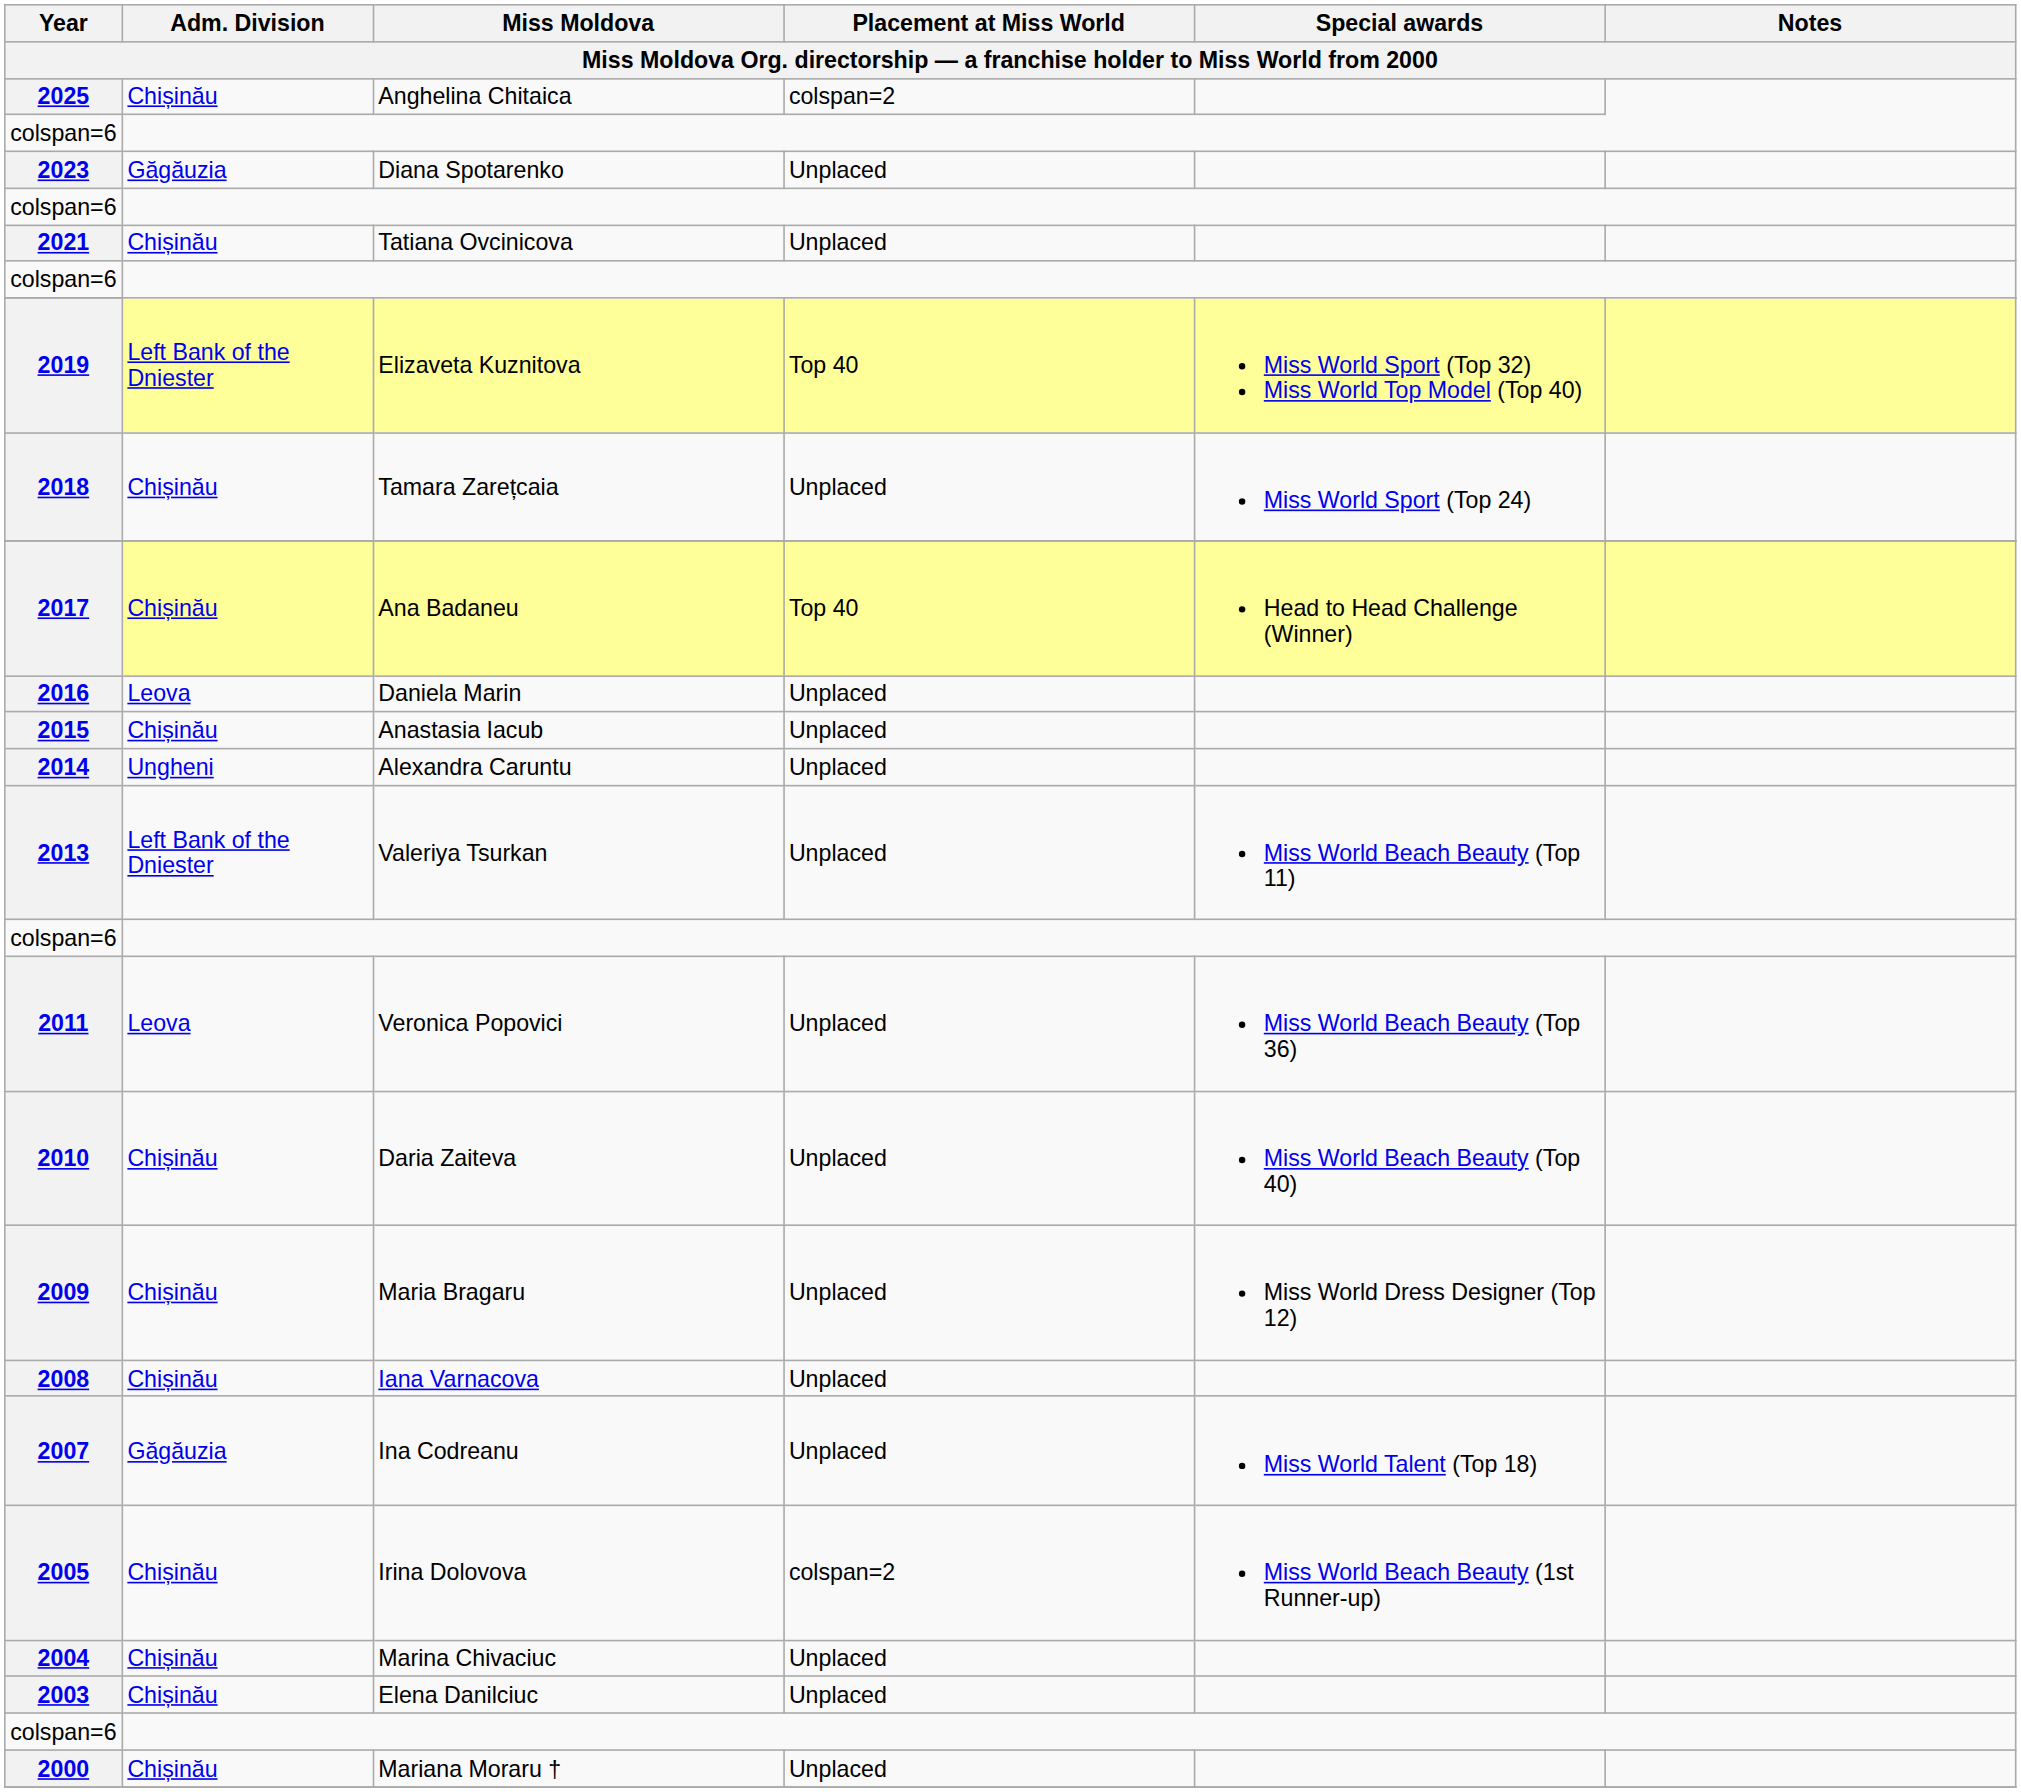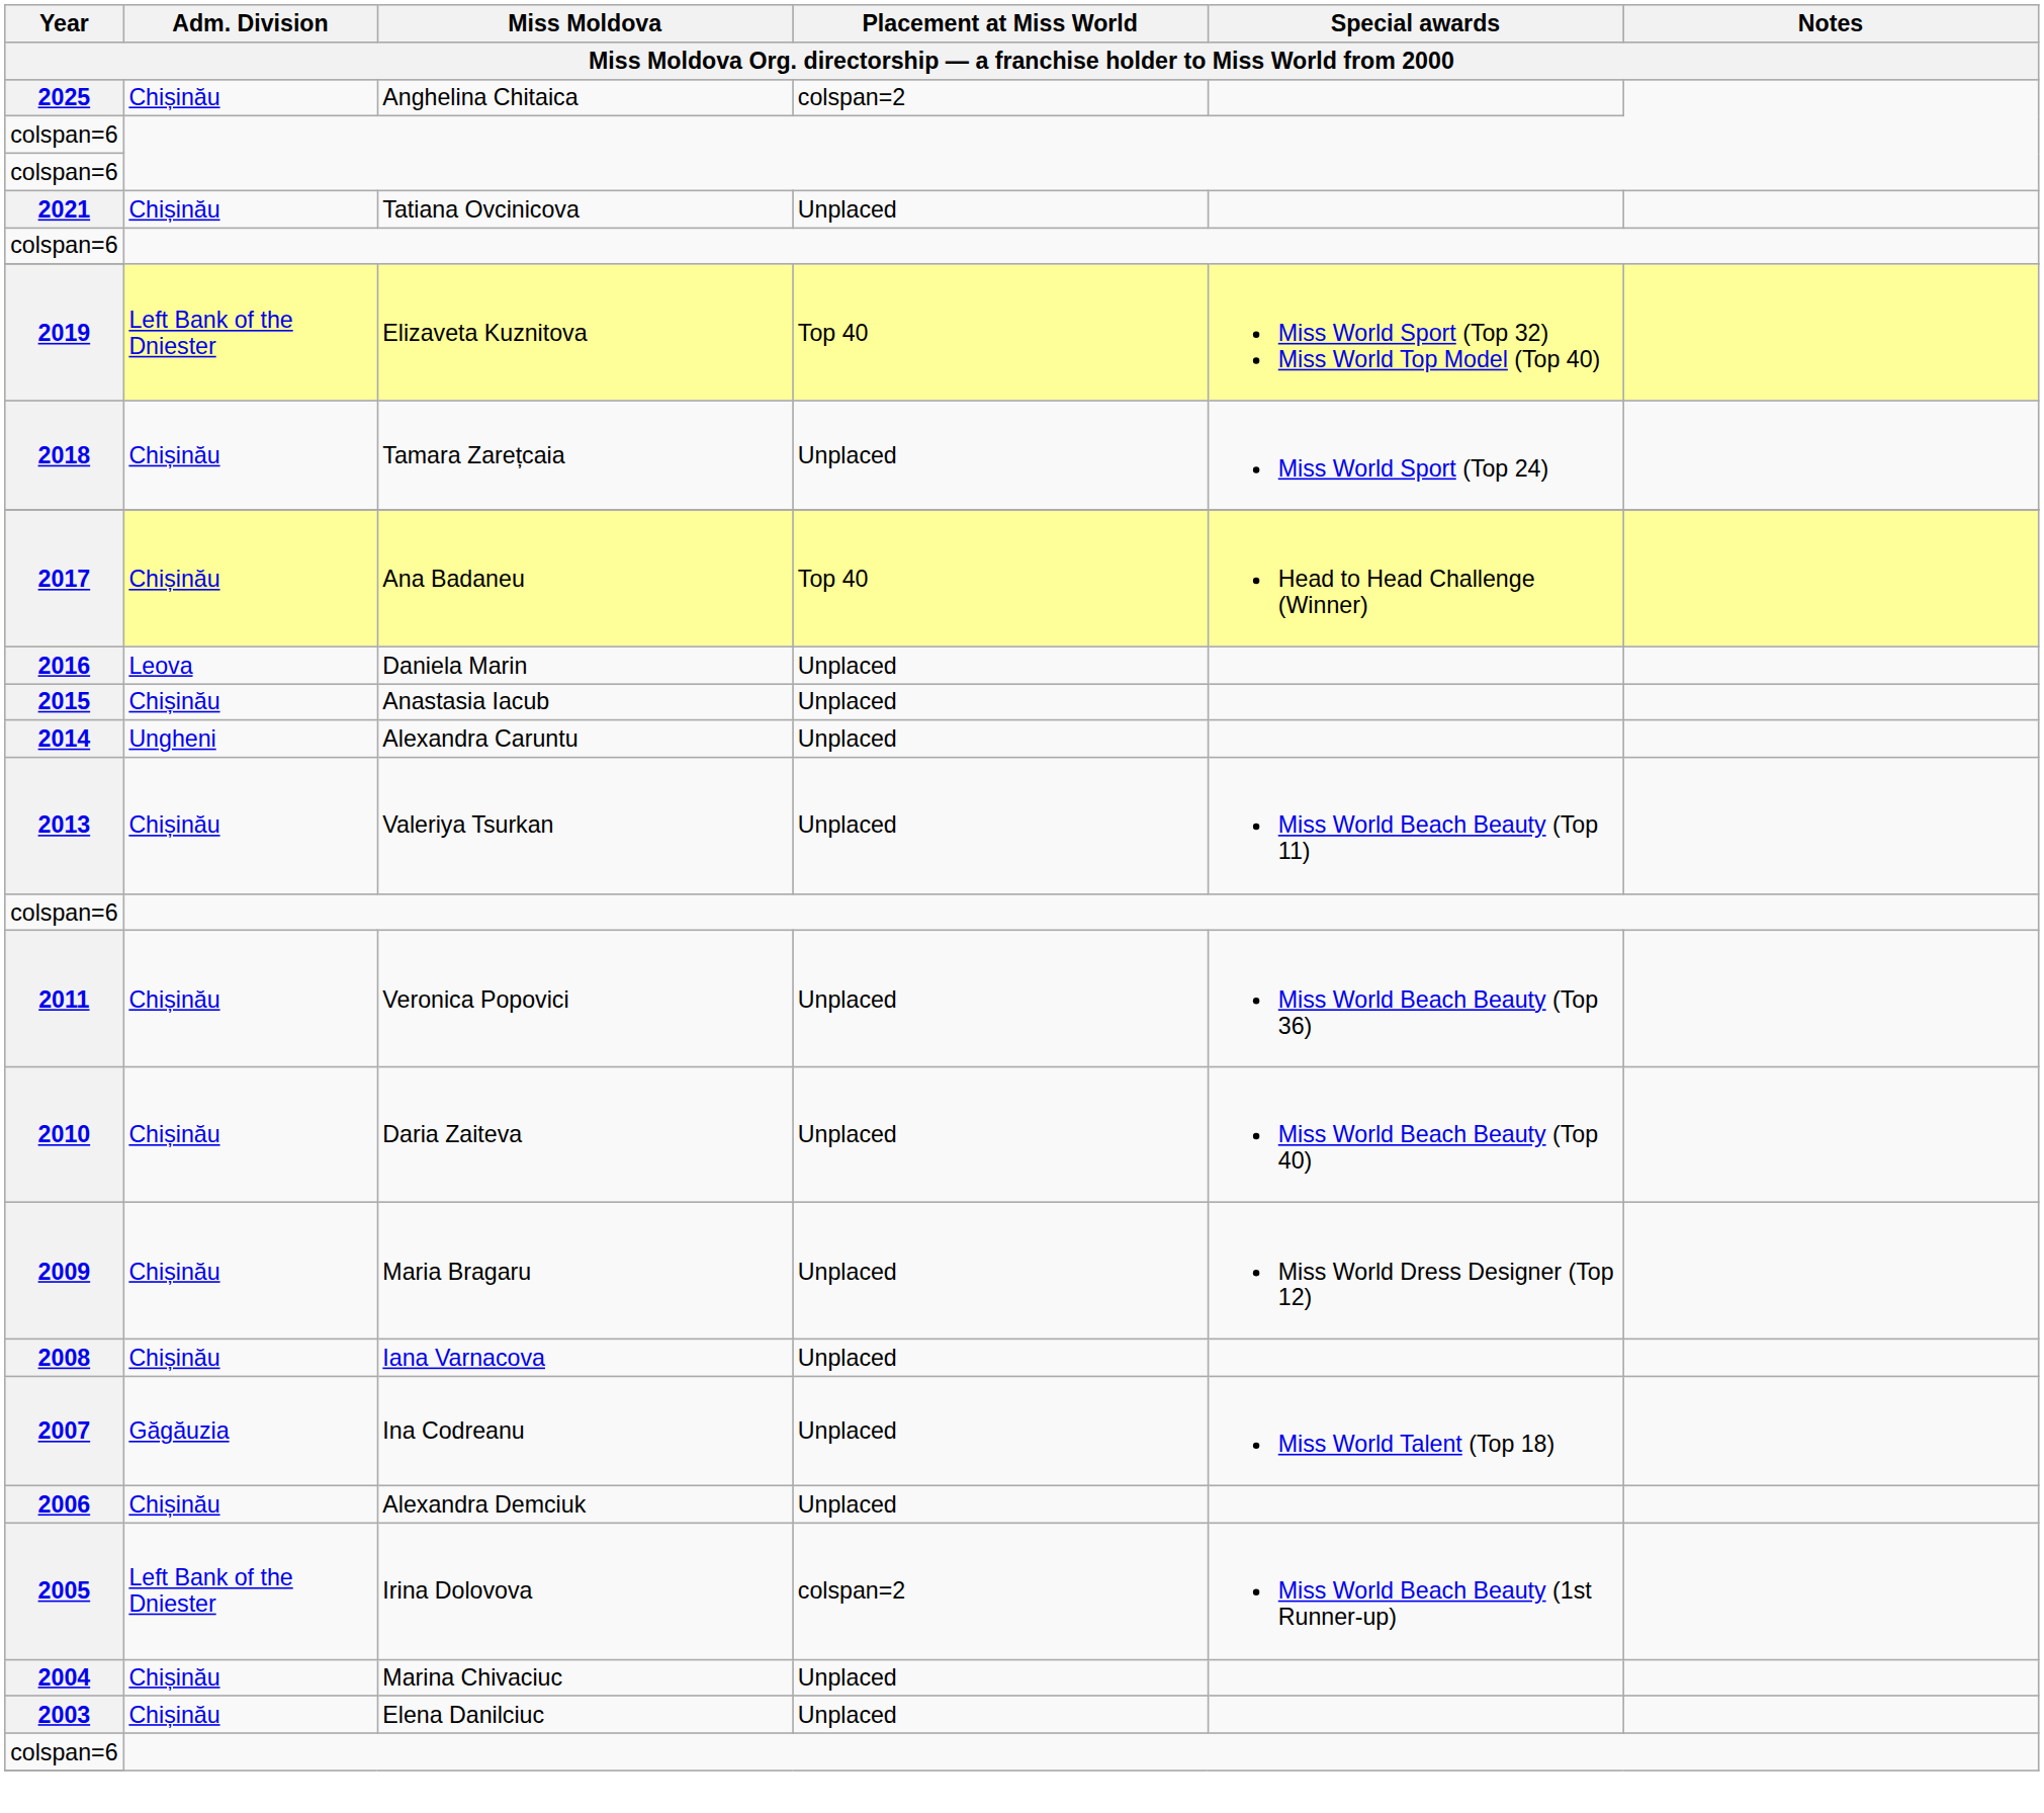 <table class="wikitable " style="font-size: 90%;">
 <tr>
 <th width="60">Year</th>
 <th width="150">Adm. Division</th>
 <th width="250">Miss Moldova</th>
 <th width="250">Placement at Miss World</th>
 <th width="250">Special awards</th>
 <th width="250">Notes</th>
 </tr>
 <tr>
 <th colspan="6">Miss Moldova Org. directorship — a franchise holder to Miss World from 2000</th>
 </tr>
 <tr>
 <th><a href='#'>2025</a></th>
 <td> <a href='#'>Chișinău</a></td>
 <td>Anghelina Chitaica</td>
 <td>colspan=2 </td>
 <td></td>
 </tr>
 <tr>
 <td>colspan=6 </td>
-</tr>
-<tr>
-<th><a href='#'>2023</a></th>
-<td> <a href='#'>Găgăuzia</a></td>
-<td>Diana Spotarenko</td>
-<td>Unplaced</td>
-<td></td>
-<td></td>
 </tr>
 <tr>
 <td>colspan=6 </td>
 </tr>
 <tr>
 <th><a href='#'>2021</a></th>
 <td> <a href='#'>Chișinău</a></td>
 <td>Tatiana Ovcinicova</td>
 <td>Unplaced</td>
 <td></td>
 <td></td>
 </tr>
 <tr>
 <td>colspan=6 </td>
 </tr>
 <tr>
 </tr>
 <tr style="background-color:#FFFF99;">
 <th><a href='#'>2019</a></th>
 <td> <a href='#'>Left Bank of the Dniester</a></td>
 <td>Elizaveta Kuznitova</td>
 <td>Top 40</td>
 <td><br><ul><li><a href='#'>Miss World Sport</a> (Top 32)</li><li><a href='#'>Miss World Top Model</a> (Top 40)</li></ul></td>
 <td></td>
 </tr>
 <tr>
 <th><a href='#'>2018</a></th>
 <td> <a href='#'>Chișinău</a></td>
 <td>Tamara Zarețcaia</td>
 <td>Unplaced</td>
 <td><br><ul><li><a href='#'>Miss World Sport</a> (Top 24)</li></ul></td>
 <td></td>
 </tr>
 <tr>
 </tr>
 <tr style="background-color:#FFFF99;">
 <th><a href='#'>2017</a></th>
 <td> <a href='#'>Chișinău</a></td>
 <td>Ana Badaneu</td>
 <td>Top 40</td>
 <td><br><ul><li>Head to Head Challenge (Winner)</li></ul></td>
 <td></td>
 </tr>
 <tr>
 <th><a href='#'>2016</a></th>
 <td> <a href='#'>Leova</a></td>
 <td>Daniela Marin</td>
 <td>Unplaced</td>
 <td></td>
 <td></td>
 </tr>
 <tr>
 <th><a href='#'>2015</a></th>
 <td> <a href='#'>Chișinău</a></td>
 <td>Anastasia Iacub</td>
 <td>Unplaced</td>
 <td></td>
 <td></td>
 </tr>
 <tr>
 <th><a href='#'>2014</a></th>
 <td> <a href='#'>Ungheni</a></td>
 <td>Alexandra Caruntu</td>
 <td>Unplaced</td>
 <td></td>
 <td></td>
 </tr>
 <tr>
 <th><a href='#'>2013</a></th>
-<td> <a href='#'>Left Bank of the Dniester</a></td>
+<td> <a href='#'>Chișinău</a></td>
 <td>Valeriya Tsurkan</td>
 <td>Unplaced</td>
 <td><br><ul><li><a href='#'>Miss World Beach Beauty</a> (Top 11)</li></ul></td>
 <td></td>
 </tr>
 <tr>
 <td>colspan=6 </td>
 </tr>
 <tr>
 <th><a href='#'>2011</a></th>
-<td> <a href='#'>Leova</a></td>
+<td> <a href='#'>Chișinău</a></td>
 <td>Veronica Popovici</td>
 <td>Unplaced</td>
 <td><br><ul><li><a href='#'>Miss World Beach Beauty</a> (Top 36)</li></ul></td>
 <td></td>
 </tr>
 <tr>
 <th><a href='#'>2010</a></th>
 <td> <a href='#'>Chișinău</a></td>
 <td>Daria Zaiteva</td>
 <td>Unplaced</td>
 <td><br><ul><li><a href='#'>Miss World Beach Beauty</a> (Top 40)</li></ul></td>
 <td></td>
 </tr>
 <tr>
 <th><a href='#'>2009</a></th>
 <td> <a href='#'>Chișinău</a></td>
 <td>Maria Bragaru</td>
 <td>Unplaced</td>
 <td><br><ul><li>Miss World Dress Designer (Top 12)</li></ul></td>
 <td></td>
 </tr>
 <tr>
 <th><a href='#'>2008</a></th>
 <td> <a href='#'>Chișinău</a></td>
 <td><a href='#'>Iana Varnacova</a></td>
 <td>Unplaced</td>
 <td></td>
 <td></td>
 </tr>
 <tr>
 <th><a href='#'>2007</a></th>
 <td> <a href='#'>Găgăuzia</a></td>
 <td>Ina Codreanu</td>
 <td>Unplaced</td>
 <td><br><ul><li><a href='#'>Miss World Talent</a> (Top 18)</li></ul></td>
 <td></td>
 </tr>
 <tr>
+<th><a href='#'>2006</a></th>
+<td> <a href='#'>Chișinău</a></td>
+<td>Alexandra Demciuk</td>
+<td>Unplaced</td>
+<td></td>
+<td></td>
+</tr>
+<tr>
 <th><a href='#'>2005</a></th>
-<td> <a href='#'>Chișinău</a></td>
+<td> <a href='#'>Left Bank of the Dniester</a></td>
 <td>Irina Dolovova</td>
 <td>colspan=2 </td>
 <td><br><ul><li><a href='#'>Miss World Beach Beauty</a> (1st Runner-up)</li></ul></td>
 <td></td>
 </tr>
 <tr>
 <th><a href='#'>2004</a></th>
 <td> <a href='#'>Chișinău</a></td>
 <td>Marina Chivaciuc</td>
 <td>Unplaced</td>
 <td></td>
 <td></td>
 </tr>
 <tr>
 <th><a href='#'>2003</a></th>
 <td> <a href='#'>Chișinău</a></td>
 <td>Elena Danilciuc</td>
 <td>Unplaced</td>
 <td></td>
 <td></td>
 </tr>
 <tr>
 <td>colspan=6 </td>
 </tr>
 <tr>
-<th><a href='#'>2000</a></th>
-<td> <a href='#'>Chișinău</a></td>
-<td>Mariana Moraru †</td>
-<td>Unplaced</td>
-<td></td>
-<td></td>
-</tr>
-<tr>
 </tr>
 </table>
